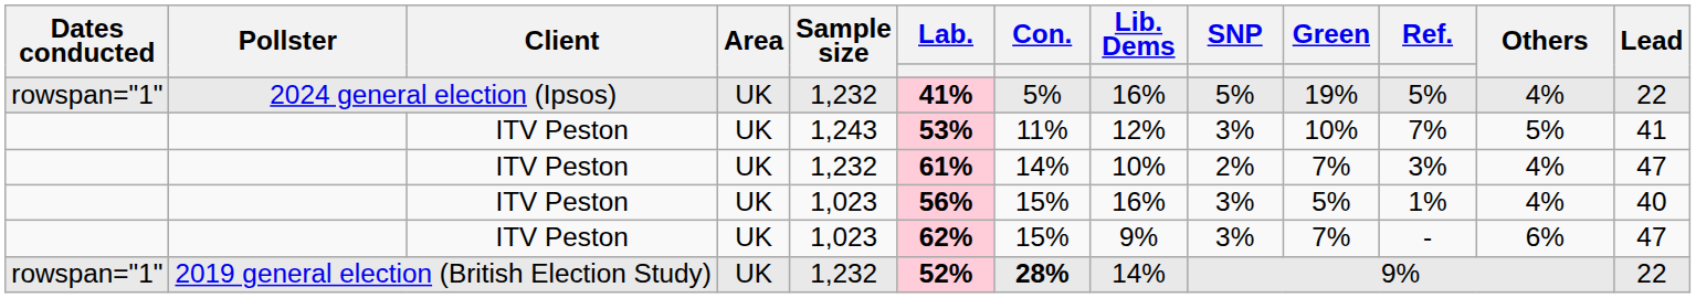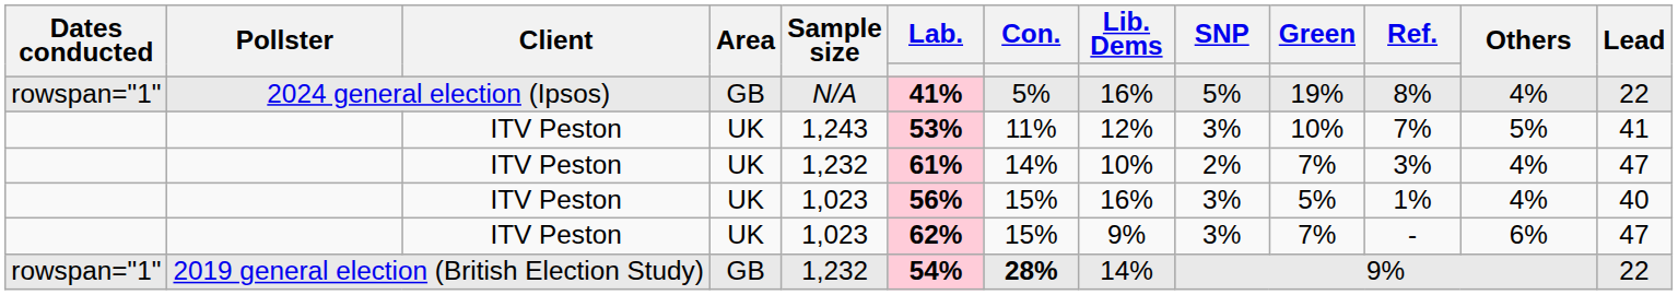 <table class="wikitable sortable mw-datatable" style="text-align:center;  line-height:14px;">
 <tr>
 <th rowspan="2">Dates<br>conducted</th>
 <th rowspan="2">Pollster</th>
 <th rowspan="2">Client</th>
 <th rowspan="2">Area</th>
 <th data-sort-type="number" rowspan="2">Sample<br>size</th>
 <th class="unsortable" style="width:50px;"><a href='#'>Lab.</a></th>
 <th class="unsortable" style="width:50px;"><a href='#'>Con.</a></th>
 <th class="unsortable" style="width:50px;"><a href='#'>Lib. Dems</a></th>
 <th class="unsortable" style="width:50px;"><a href='#'>SNP</a></th>
 <th class="unsortable" style="width:50px;"><a href='#'>Green</a></th>
 <th class="unsortable" style="width:50px;"><a href='#'>Ref.</a></th>
 <th rowspan="2" class="unsortable" style="width:75px;">Others</th>
 <th data-sort-type="number" rowspan="2">Lead</th>
 </tr>
 <tr>
 <th data-sort-type="number" style="background:"></th>
 <th data-sort-type="number" style="background:"></th>
 <th data-sort-type="number" style="background:"></th>
 <th data-sort-type="number" style="background:"></th>
 <th data-sort-type="number" style="background:"></th>
 <th data-sort-type="number" style="background:"></th>
 </tr>
 <tr style="background:#e9e9e9;">
 <td>rowspan="1" </td>
 <td colspan="2"><a href='#'>2024 general election</a> (Ipsos)</td>
-<td>UK</td>
-<td>1,232</td>
+<td>GB</td>
+<td><em>N/A</em></td>
 <td style="background:#FFCCD9;"><strong>41%</strong></td>
 <td>5%</td>
 <td>16%</td>
 <td>5%</td>
 <td>19%</td>
-<td>5%</td>
+<td>8%</td>
 <td>4%</td>
 <td style="background:">22</td>
 </tr>
 <tr>
 <td></td>
 <td></td>
 <td>ITV Peston</td>
 <td>UK</td>
 <td>1,243</td>
 <td style="background:#FFCCD9;"><strong>53%</strong></td>
 <td>11%</td>
 <td>12%</td>
 <td>3%</td>
 <td>10%</td>
 <td>7%</td>
 <td>5%</td>
 <td style="background:">41</td>
 </tr>
 <tr>
 <td></td>
 <td></td>
 <td>ITV Peston</td>
 <td>UK</td>
 <td>1,232</td>
 <td style="background:#FFCCD9;"><strong>61%</strong></td>
 <td>14%</td>
 <td>10%</td>
 <td>2%</td>
 <td>7%</td>
 <td>3%</td>
 <td>4%</td>
 <td style="background:">47</td>
 </tr>
 <tr>
 <td></td>
 <td></td>
 <td>ITV Peston</td>
 <td>UK</td>
 <td>1,023</td>
 <td style="background:#FFCCD9;"><strong>56%</strong></td>
 <td>15%</td>
 <td>16%</td>
 <td>3%</td>
 <td>5%</td>
 <td>1%</td>
 <td>4%</td>
 <td style="background:">40</td>
 </tr>
 <tr>
 <td></td>
 <td></td>
 <td>ITV Peston</td>
 <td>UK</td>
 <td>1,023</td>
 <td style="background:#FFCCD9;"><strong>62%</strong></td>
 <td>15%</td>
 <td>9%</td>
 <td>3%</td>
 <td>7%</td>
 <td>-</td>
 <td>6%</td>
 <td style="background:">47</td>
 </tr>
 <tr style="background:#e9e9e9;">
 <td>rowspan="1" </td>
 <td colspan="2"><a href='#'>2019 general election</a> (British Election Study)</td>
-<td>UK</td>
+<td>GB</td>
 <td>1,232</td>
-<td style="background:#FFCCD9;"><strong>52%</strong></td>
+<td style="background:#FFCCD9;"><strong>54%</strong></td>
 <td><strong>28%</strong></td>
 <td>14%</td>
 <td colspan="4">9%</td>
 <td style="background:">22</td>
 </tr>
 </table>
